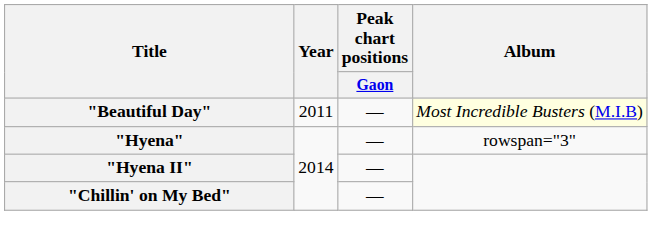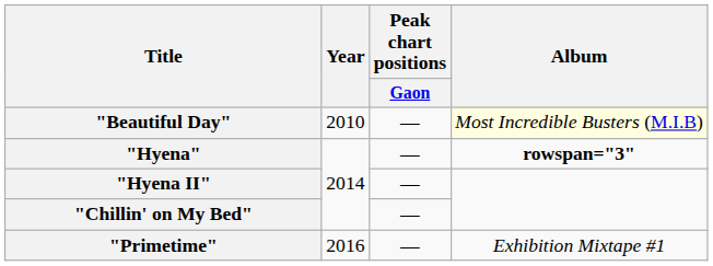 <table class="wikitable plainrowheaders" style="text-align:center;" border="1">
 <tr>
 <th scope="col" rowspan="2" style="width:16em;">Title</th>
 <th scope="col" rowspan="2">Year</th>
 <th scope="col">Peak chart positions</th>
 <th scope="col" rowspan="2">Album</th>
 </tr>
 <tr>
 <th scope="col" style="width:3em;font-size:90%;"><a href='#'>Gaon</a></th>
 </tr>
 <tr>
 <th scope="row">"Beautiful Day"</th>
-<td>2011</td>
+<td>2010</td>
 <td>—</td>
 <td style="background: lightyellow;"><em>Most Incredible Busters</em> (<a href='#'>M.I.B</a>)</td>
 </tr>
 <tr>
 <th scope="row">"Hyena"</th>
 <td rowspan="3">2014</td>
 <td>—</td>
-<td>rowspan="3" </td>
+<td><strong>rowspan="3" </strong></td>
 </tr>
 <tr>
 <th scope="row">"Hyena II"</th>
 <td>—</td>
 </tr>
 <tr>
 <th scope="row">"Chillin' on My Bed"</th>
 <td>—</td>
 </tr>
+<tr>
+<th scope="row">"Primetime"</th>
+<td>2016</td>
+<td>—</td>
+<td><em>Exhibition Mixtape #1</em></td>
+</tr>
 </table>
